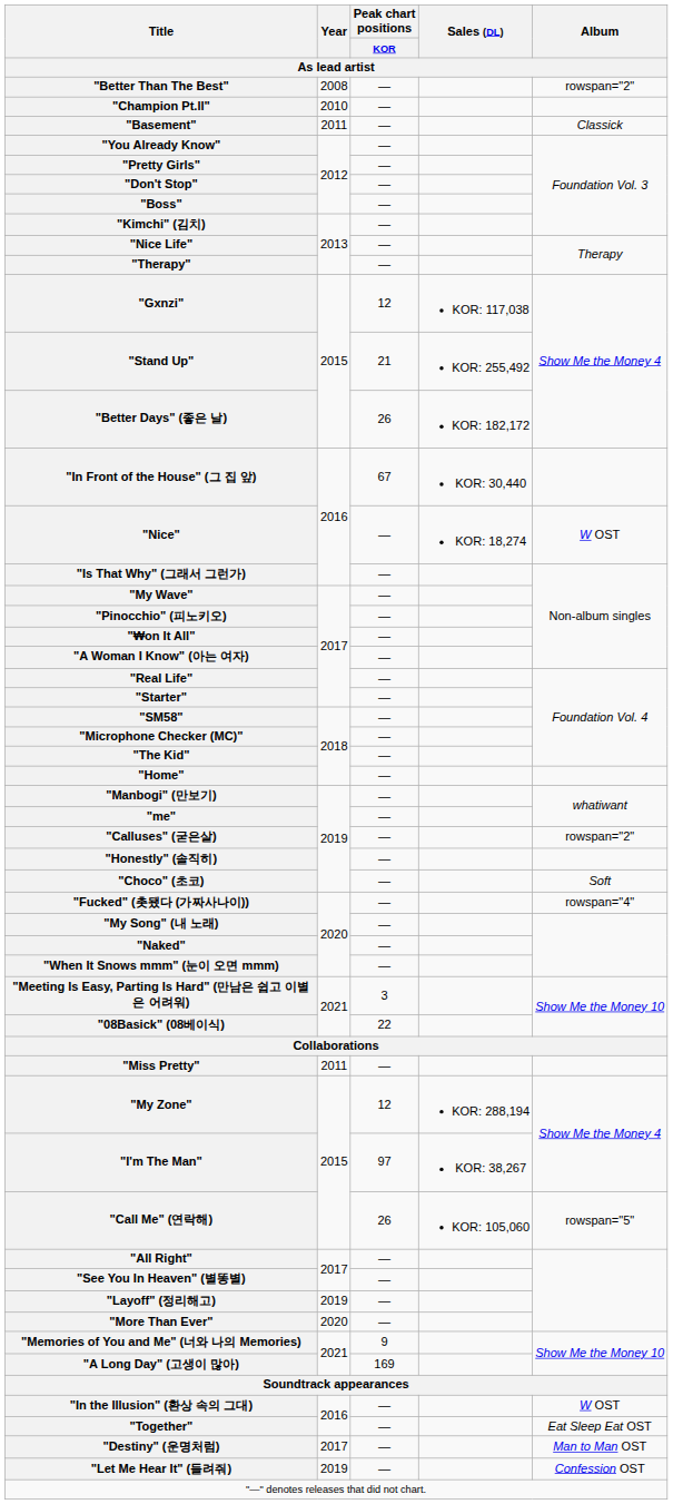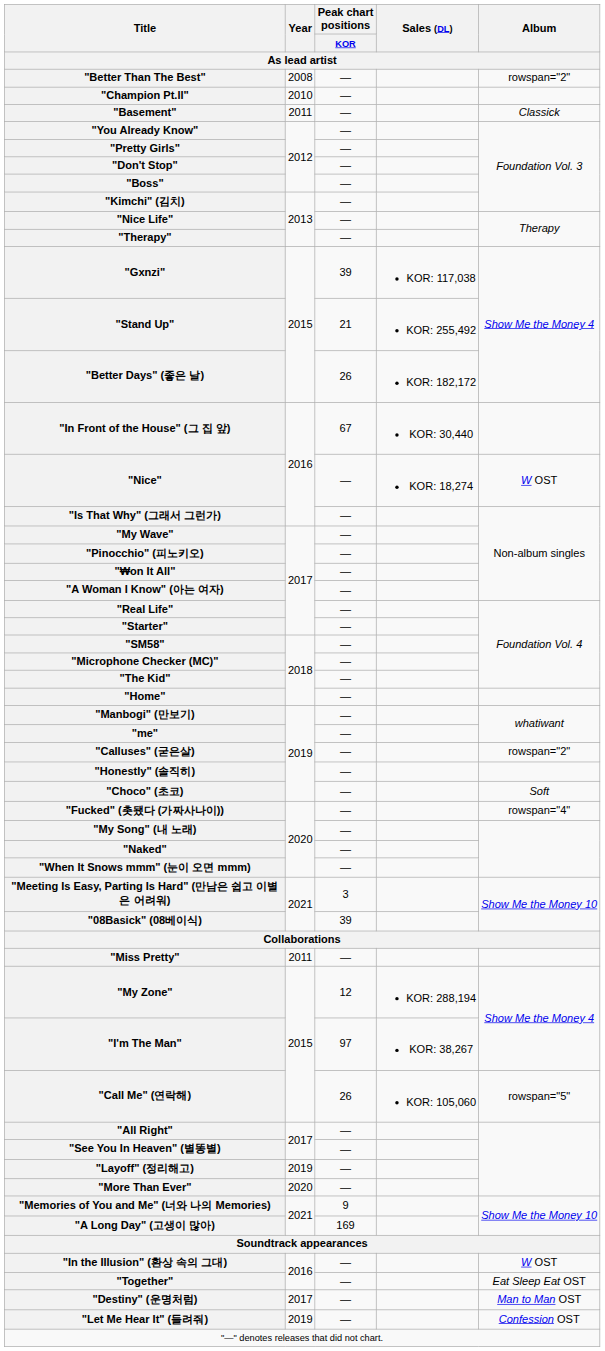 <table class="wikitable plainrowheaders" style="text-align:center;">
 <tr>
 <th scope="col" rowspan="2" style="width:25em;">Title</th>
 <th scope="col" rowspan="2">Year</th>
 <th scope="col" colspan="1">Peak chart <br> positions</th>
 <th scope="col" rowspan="2">Sales <small>(<a href='#'>DL</a>)</small></th>
 <th scope="col" rowspan="2">Album</th>
 </tr>
 <tr>
 <th><small><a href='#'>KOR</a></small><br></th>
 </tr>
 <tr>
 <th scope="col" colspan="5">As lead artist</th>
 </tr>
 <tr>
 <th scope="row">"Better Than The Best"</th>
 <td>2008</td>
 <td>—</td>
 <td></td>
 <td>rowspan="2" </td>
 </tr>
 <tr>
 <th scope="row">"Champion Pt.ll" </th>
 <td>2010</td>
 <td>—</td>
 <td></td>
 </tr>
 <tr>
 <th scope="row">"Basement"</th>
 <td>2011</td>
 <td>—</td>
 <td></td>
 <td><em>Classick</em></td>
 </tr>
 <tr>
 <th scope="row">"You Already Know"</th>
 <td rowspan="4">2012</td>
 <td>—</td>
 <td></td>
 <td rowspan="5"><em>Foundation Vol. 3</em></td>
 </tr>
 <tr>
 <th scope="row">"Pretty Girls" </th>
 <td>—</td>
 <td></td>
 </tr>
 <tr>
 <th scope="row">"Don't Stop"</th>
 <td>—</td>
 <td></td>
 </tr>
 <tr>
 <th scope="row">"Boss"</th>
 <td>—</td>
 <td></td>
 </tr>
 <tr>
 <th scope="row">"Kimchi" (김치)</th>
 <td rowspan="3">2013</td>
 <td>—</td>
 <td></td>
 </tr>
 <tr>
 <th scope="row">"Nice Life" </th>
 <td>—</td>
 <td></td>
 <td rowspan="2"><em>Therapy</em></td>
 </tr>
 <tr>
 <th scope="row">"Therapy" </th>
 <td>—</td>
 <td></td>
 </tr>
 <tr>
 <th scope="row">"Gxnzi" </th>
 <td rowspan="3">2015</td>
-<td>12</td>
+<td>39</td>
 <td><br><ul><li>KOR: 117,038</li></ul></td>
 <td rowspan="3"><em><a href='#'>Show Me the Money 4</a></em></td>
 </tr>
 <tr>
 <th scope="row">"Stand Up" </th>
 <td>21</td>
 <td><br><ul><li>KOR: 255,492</li></ul></td>
 </tr>
 <tr>
 <th scope="row">"Better Days" (좋은 날) </th>
 <td>26</td>
 <td><br><ul><li>KOR: 182,172</li></ul></td>
 </tr>
 <tr>
 <th scope="row">"In Front of the House" (그 집 앞) </th>
 <td rowspan="3">2016</td>
 <td>67</td>
 <td><br><ul><li>KOR: 30,440</li></ul></td>
 <td></td>
 </tr>
 <tr>
 <th scope="row">"Nice" </th>
 <td>—</td>
 <td><br><ul><li>KOR: 18,274</li></ul></td>
 <td><em><a href='#'>W</a></em> OST</td>
 </tr>
 <tr>
 <th scope="row">"Is That Why" (그래서 그런가) </th>
 <td>—</td>
 <td></td>
 <td rowspan="5">Non-album singles</td>
 </tr>
 <tr>
 <th scope="row">"My Wave" </th>
 <td rowspan="6">2017</td>
 <td>—</td>
 <td></td>
 </tr>
 <tr>
 <th scope="row">"Pinocchio" (피노키오) </th>
 <td>—</td>
 <td></td>
 </tr>
 <tr>
 <th scope="row">"₩on It All" </th>
 <td>—</td>
 <td></td>
 </tr>
 <tr>
 <th scope="row">"A Woman I Know" (아는 여자) </th>
 <td>—</td>
 <td></td>
 </tr>
 <tr>
 <th scope="row">"Real Life" </th>
 <td>—</td>
 <td></td>
 <td rowspan="5"><em>Foundation Vol. 4</em></td>
 </tr>
 <tr>
 <th scope="row">"Starter"</th>
 <td>—</td>
 <td></td>
 </tr>
 <tr>
 <th scope="row">"SM58" </th>
 <td rowspan="4">2018</td>
 <td>—</td>
 <td></td>
 </tr>
 <tr>
 <th scope="row">"Microphone Checker (MC)" </th>
 <td>—</td>
 <td></td>
 </tr>
 <tr>
 <th scope="row">"The Kid"</th>
 <td>—</td>
 <td></td>
 </tr>
 <tr>
 <th scope="row">"Home" </th>
 <td>—</td>
 <td></td>
 <td></td>
 </tr>
 <tr>
 <th scope="row">"Manbogi" (만보기) </th>
 <td rowspan="5">2019</td>
 <td>—</td>
 <td></td>
 <td rowspan="2"><em>whatiwant</em></td>
 </tr>
 <tr>
 <th scope="row">"me" </th>
 <td>—</td>
 <td></td>
 </tr>
 <tr>
 <th scope="row">"Calluses" (굳은살) </th>
 <td>—</td>
 <td></td>
 <td>rowspan="2" </td>
 </tr>
 <tr>
 <th scope="row">"Honestly" (솔직히) </th>
 <td>—</td>
 <td></td>
 </tr>
 <tr>
 <th scope="row">"Choco" (초코) </th>
 <td>—</td>
 <td></td>
 <td><em>Soft</em></td>
 </tr>
 <tr>
 <th scope="row">"Fucked" (촛됐다 (가짜사나이))</th>
 <td rowspan="4">2020</td>
 <td>—</td>
 <td></td>
 <td>rowspan="4" </td>
 </tr>
 <tr>
 <th scope="row">"My Song" (내 노래)</th>
 <td>—</td>
 <td></td>
 </tr>
 <tr>
 <th scope="row">"Naked"</th>
 <td>—</td>
 <td></td>
 </tr>
 <tr>
 <th scope="row">"When It Snows mmm" (눈이 오면 mmm) </th>
 <td>—</td>
 <td></td>
 </tr>
 <tr>
 <th scope="row">"Meeting Is Easy, Parting Is Hard" (만남은 쉽고 이별은 어려워) </th>
 <td rowspan="2">2021</td>
 <td>3</td>
 <td></td>
 <td rowspan="2"><em><a href='#'>Show Me the Money 10</a></em></td>
 </tr>
 <tr>
 <th scope="row">"08Basick" (08베이식) </th>
-<td>22</td>
+<td>39</td>
 <td></td>
 </tr>
 <tr>
 <th scope="col" colspan="5">Collaborations</th>
 </tr>
 <tr>
 <th scope="row">"Miss Pretty" </th>
 <td>2011</td>
 <td>—</td>
 <td></td>
 <td></td>
 </tr>
 <tr>
 <th scope="row">"My Zone" </th>
 <td rowspan="3">2015</td>
 <td>12</td>
 <td><br><ul><li>KOR: 288,194</li></ul></td>
 <td rowspan="2"><em><a href='#'>Show Me the Money 4</a></em></td>
 </tr>
 <tr>
 <th scope="row">"I'm The Man" </th>
 <td>97</td>
 <td><br><ul><li>KOR: 38,267</li></ul></td>
 </tr>
 <tr>
 <th scope="row">"Call Me" (연락해) </th>
 <td>26</td>
 <td><br><ul><li>KOR: 105,060</li></ul></td>
 <td>rowspan="5" </td>
 </tr>
 <tr>
 <th scope="row">"All Right" </th>
 <td rowspan="2">2017</td>
 <td>—</td>
 <td></td>
 </tr>
 <tr>
 <th scope="row">"See You In Heaven" (별똥별) </th>
 <td>—</td>
 <td></td>
 </tr>
 <tr>
 <th scope="row">"Layoff" (정리해고) </th>
 <td>2019</td>
 <td>—</td>
 <td></td>
 </tr>
 <tr>
 <th scope="row">"More Than Ever" </th>
 <td>2020</td>
 <td>—</td>
 <td></td>
 </tr>
 <tr>
 <th scope="row">"Memories of You and Me" (너와 나의 Memories) </th>
 <td rowspan="2">2021</td>
 <td>9</td>
 <td></td>
 <td rowspan="2"><em><a href='#'>Show Me the Money 10</a></em></td>
 </tr>
 <tr>
 <th scope="row">"A Long Day" (고생이 많아) </th>
 <td>169</td>
 <td></td>
 </tr>
 <tr>
 <th scope="col" colspan="5">Soundtrack appearances</th>
 </tr>
 <tr>
 <th scope="row">"In the Illusion" (환상 속의 그대)</th>
 <td rowspan="2">2016</td>
 <td>—</td>
 <td></td>
 <td><em><a href='#'>W</a></em> OST</td>
 </tr>
 <tr>
 <th scope="row">"Together" </th>
 <td>—</td>
 <td></td>
 <td><em>Eat Sleep Eat</em> OST</td>
 </tr>
 <tr>
 <th scope="row">"Destiny" (운명처럼) </th>
 <td>2017</td>
 <td>—</td>
 <td></td>
 <td><em><a href='#'>Man to Man</a></em> OST</td>
 </tr>
 <tr>
 <th scope="row">"Let Me Hear It" (들려줘) </th>
 <td>2019</td>
 <td>—</td>
 <td></td>
 <td><em><a href='#'>Confession</a></em> OST</td>
 </tr>
 <tr>
 <td colspan="5" align="center"><small>"—" denotes releases that did not chart.</small></td>
 </tr>
 </table>
